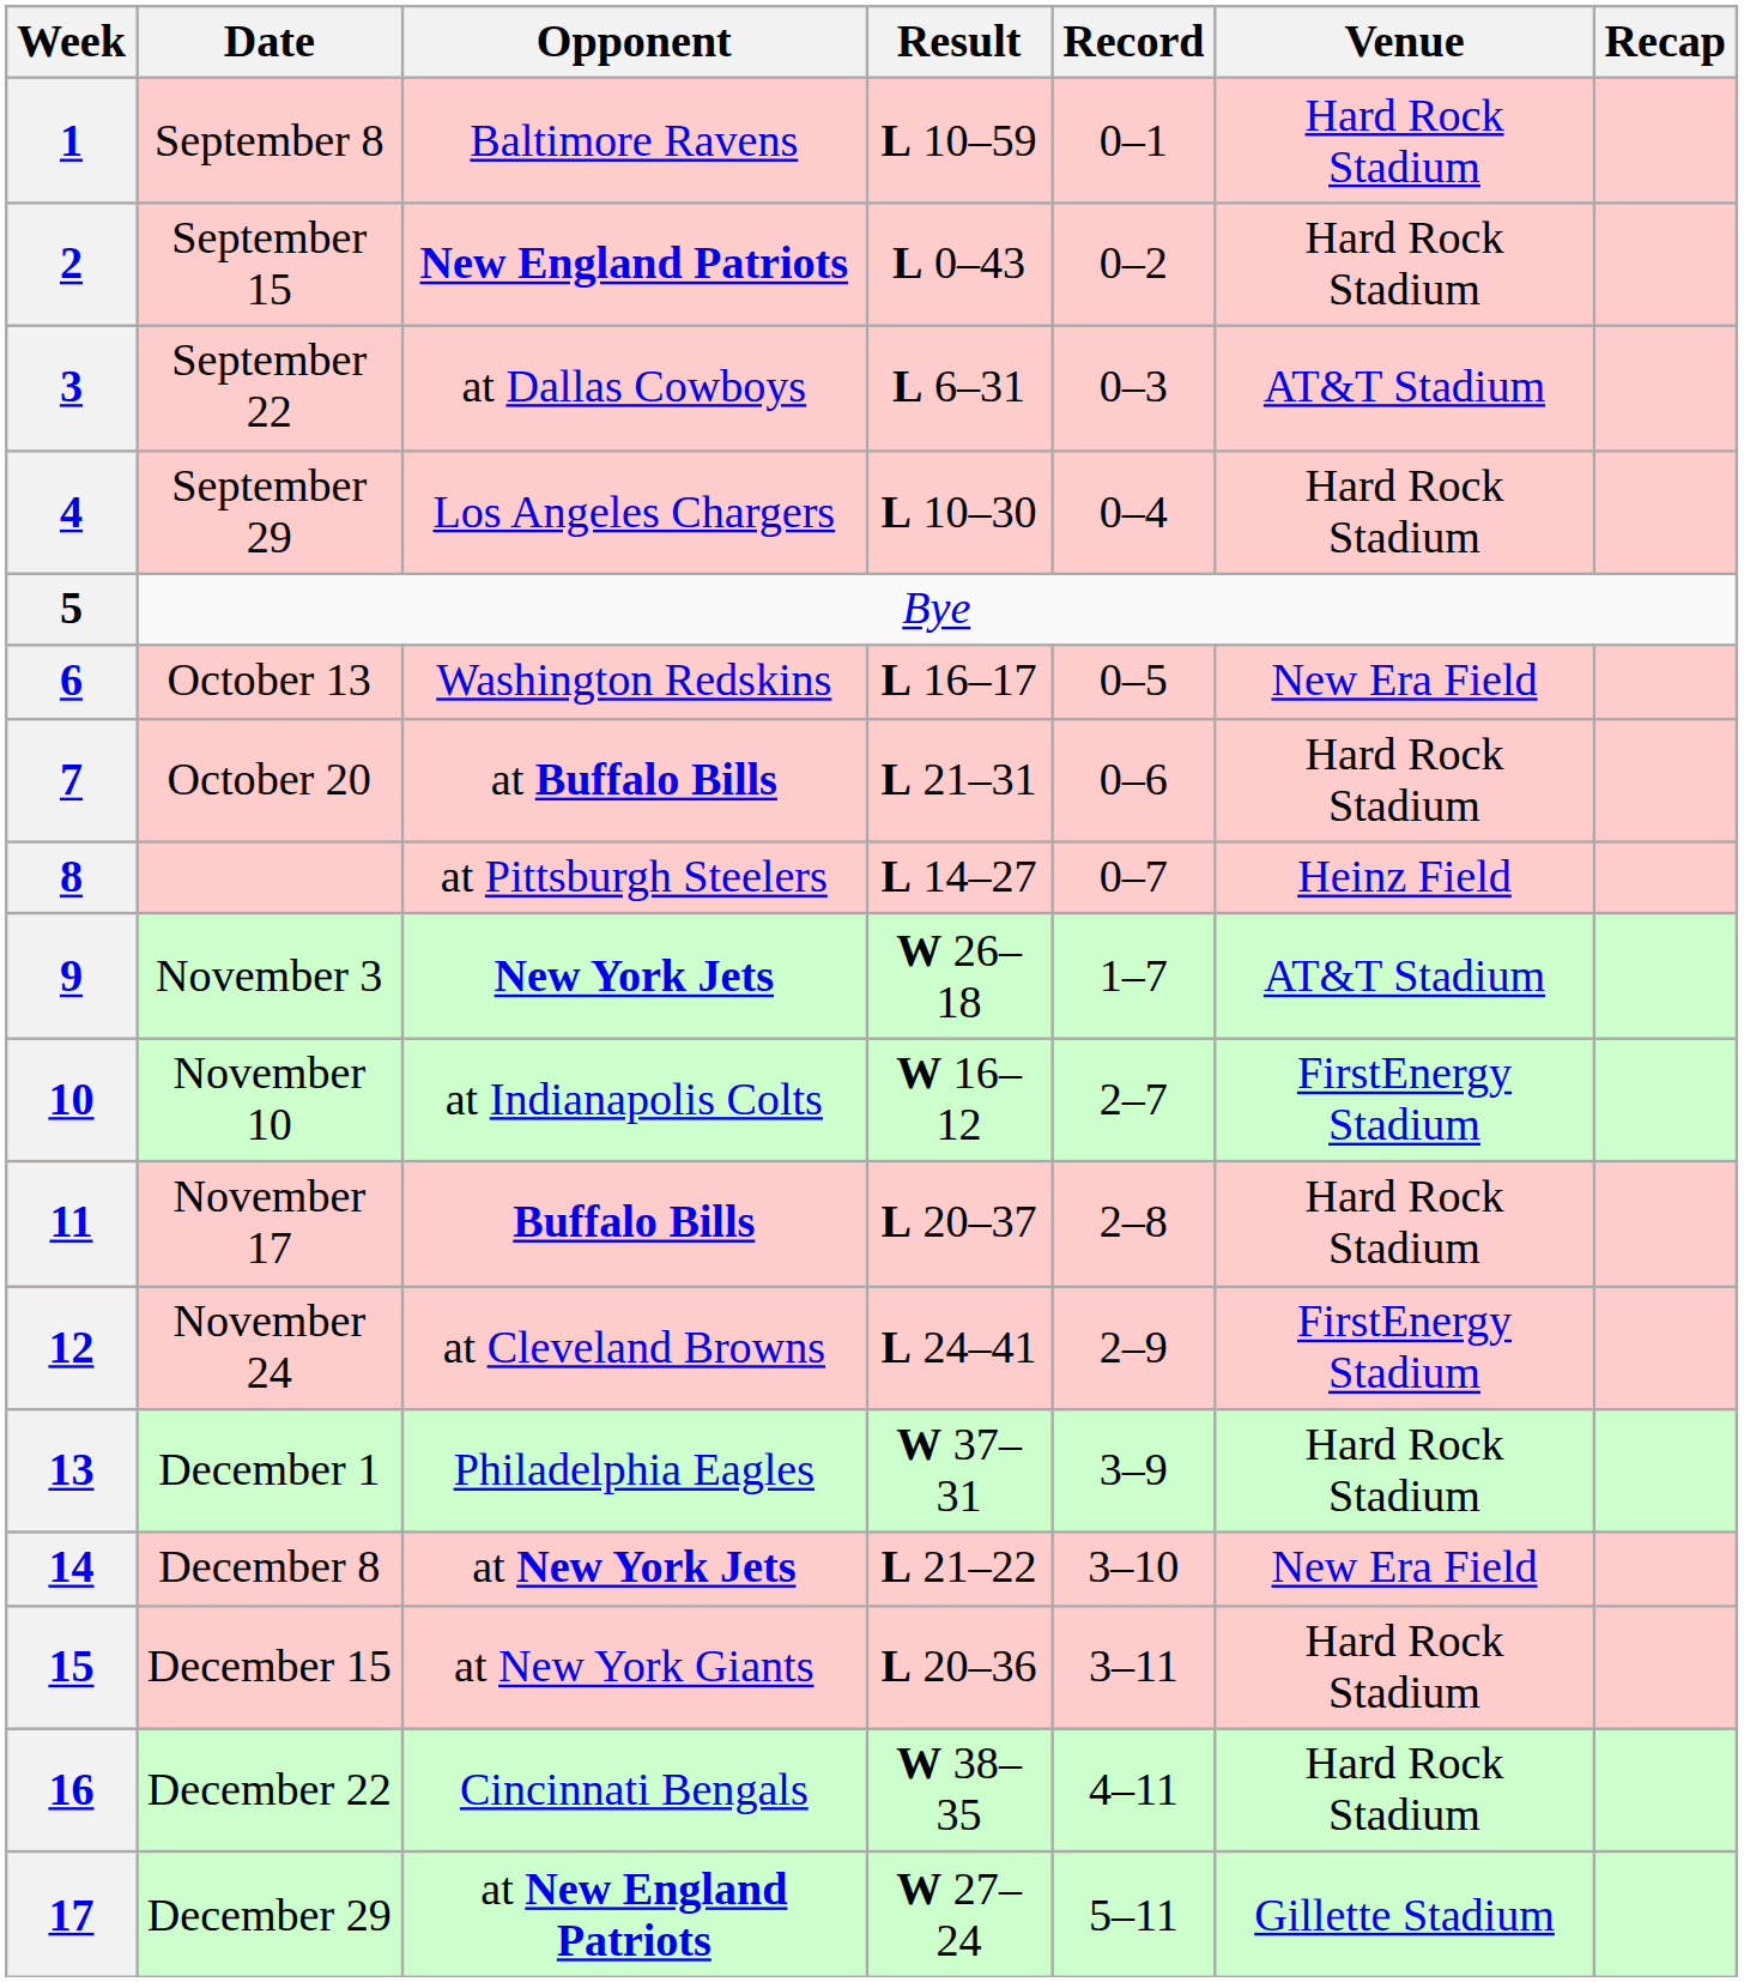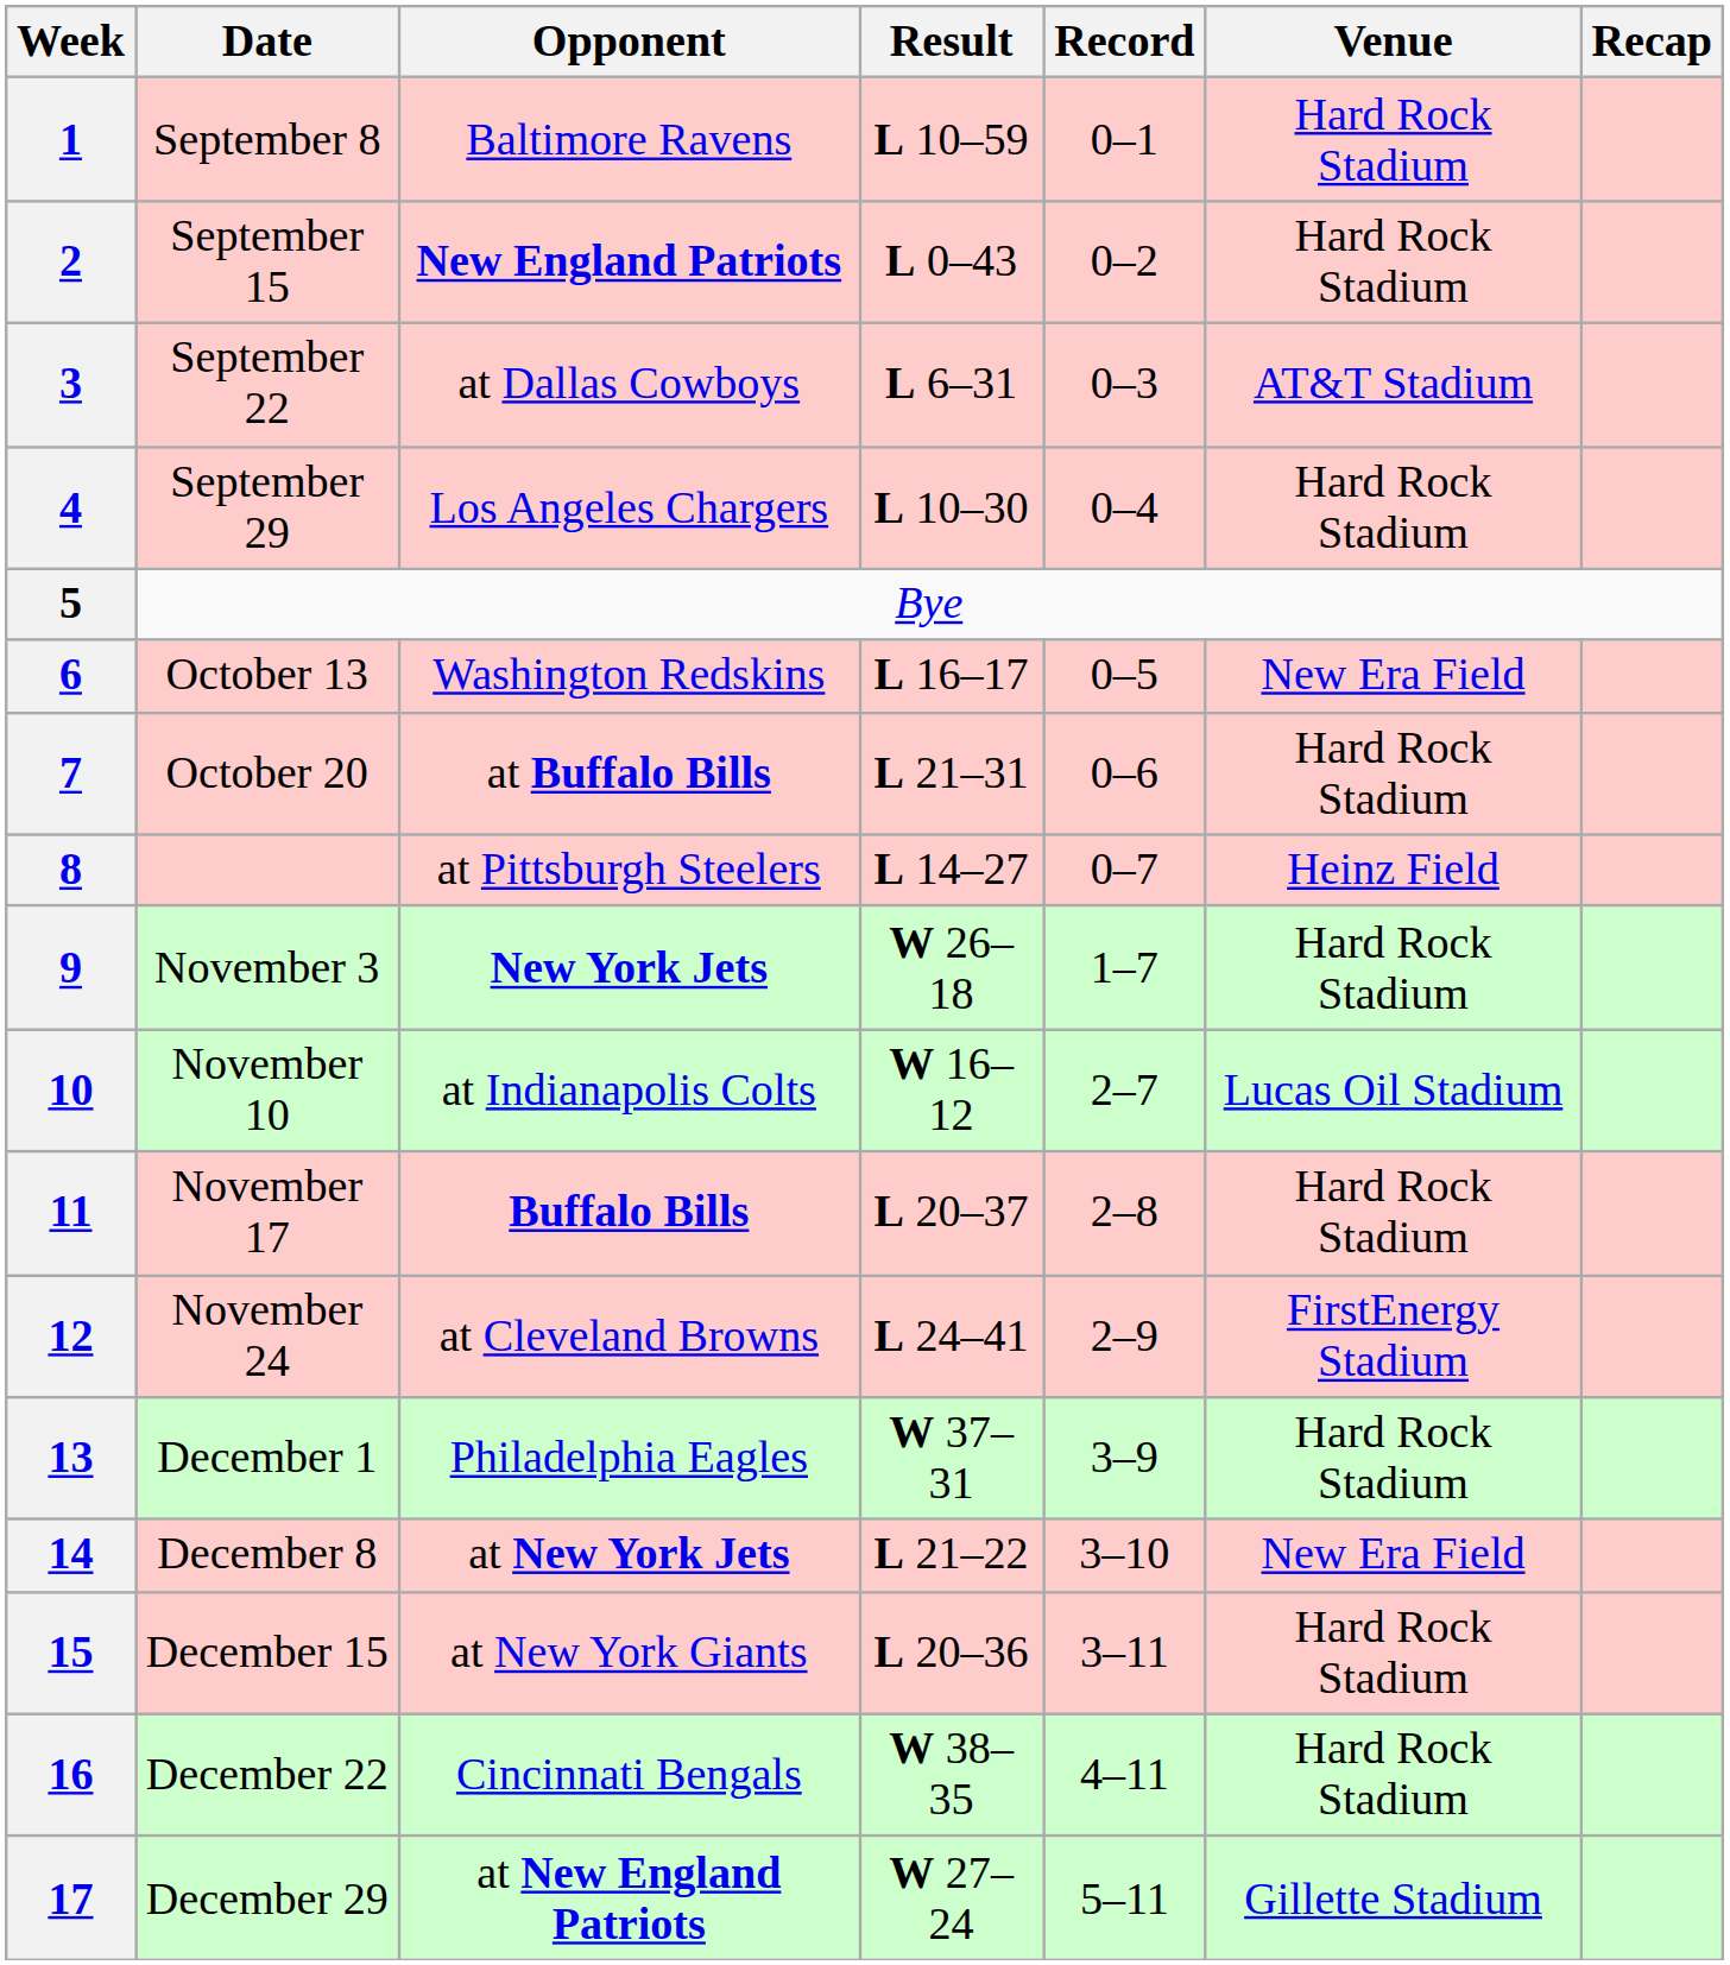 <table class="wikitable" style="text-align:center">
 <tr>
 <th>Week</th>
 <th>Date</th>
 <th>Opponent</th>
 <th>Result</th>
 <th>Record</th>
 <th>Venue</th>
 <th>Recap</th>
 </tr>
 <tr style="background:#fcc">
 <th><a href='#'>1</a></th>
 <td>September 8</td>
 <td><a href='#'>Baltimore Ravens</a></td>
 <td><strong>L</strong> 10–59</td>
 <td>0–1</td>
 <td><a href='#'>Hard Rock Stadium</a></td>
 <td></td>
 </tr>
 <tr style="background:#fcc">
 <th><a href='#'>2</a></th>
 <td>September 15</td>
 <td><strong><a href='#'>New England Patriots</a></strong></td>
 <td><strong>L</strong> 0–43</td>
 <td>0–2</td>
 <td>Hard Rock Stadium</td>
 <td></td>
 </tr>
 <tr style="background:#fcc">
 <th><a href='#'>3</a></th>
 <td>September 22</td>
 <td>at <a href='#'>Dallas Cowboys</a></td>
 <td><strong>L</strong> 6–31</td>
 <td>0–3</td>
 <td><a href='#'>AT&T Stadium</a></td>
 <td></td>
 </tr>
 <tr style="background:#fcc">
 <th><a href='#'>4</a></th>
 <td>September 29</td>
 <td><a href='#'>Los Angeles Chargers</a></td>
 <td><strong>L</strong> 10–30</td>
 <td>0–4</td>
 <td>Hard Rock Stadium</td>
 <td></td>
 </tr>
 <tr>
 <th>5</th>
 <td colspan="6"><em><a href='#'>Bye</a></em></td>
 </tr>
 <tr style="background:#fcc">
 <th><a href='#'>6</a></th>
 <td>October 13</td>
 <td><a href='#'>Washington Redskins</a></td>
 <td><strong>L</strong> 16–17</td>
 <td>0–5</td>
 <td><a href='#'>New Era Field</a></td>
 <td></td>
 </tr>
 <tr style="background:#fcc">
 <th><a href='#'>7</a></th>
 <td>October 20</td>
 <td>at <strong><a href='#'>Buffalo Bills</a></strong></td>
 <td><strong>L</strong> 21–31</td>
 <td>0–6</td>
 <td>Hard Rock Stadium</td>
 <td></td>
 </tr>
 <tr style="background:#fcc">
 <th><a href='#'>8</a></th>
 <td></td>
 <td>at <a href='#'>Pittsburgh Steelers</a></td>
 <td><strong>L</strong> 14–27</td>
 <td>0–7</td>
 <td><a href='#'>Heinz Field</a></td>
 <td></td>
 </tr>
 <tr style="background:#cfc">
 <th><a href='#'>9</a></th>
 <td>November 3</td>
 <td><strong><a href='#'>New York Jets</a></strong></td>
 <td><strong>W</strong> 26–18</td>
 <td>1–7</td>
-<td><a href='#'>AT&T Stadium</a></td>
+<td>Hard Rock Stadium</td>
 <td></td>
 </tr>
 <tr style="background:#cfc">
 <th><a href='#'>10</a></th>
 <td>November 10</td>
 <td>at <a href='#'>Indianapolis Colts</a></td>
 <td><strong>W</strong> 16–12</td>
 <td>2–7</td>
-<td><a href='#'>FirstEnergy Stadium</a></td>
+<td><a href='#'>Lucas Oil Stadium</a></td>
 <td></td>
 </tr>
 <tr style="background:#fcc">
 <th><a href='#'>11</a></th>
 <td>November 17</td>
 <td><strong><a href='#'>Buffalo Bills</a></strong></td>
 <td><strong>L</strong> 20–37</td>
 <td>2–8</td>
 <td>Hard Rock Stadium</td>
 <td></td>
 </tr>
 <tr style="background:#fcc">
 <th><a href='#'>12</a></th>
 <td>November 24</td>
 <td>at <a href='#'>Cleveland Browns</a></td>
 <td><strong>L</strong> 24–41</td>
 <td>2–9</td>
 <td><a href='#'>FirstEnergy Stadium</a></td>
 <td></td>
 </tr>
 <tr style="background:#cfc">
 <th><a href='#'>13</a></th>
 <td>December 1</td>
 <td><a href='#'>Philadelphia Eagles</a></td>
 <td><strong>W</strong> 37–31</td>
 <td>3–9</td>
 <td>Hard Rock Stadium</td>
 <td></td>
 </tr>
 <tr style="background:#fcc">
 <th><a href='#'>14</a></th>
 <td>December 8</td>
 <td>at <strong><a href='#'>New York Jets</a></strong></td>
 <td><strong>L</strong> 21–22</td>
 <td>3–10</td>
 <td><a href='#'>New Era Field</a></td>
 <td></td>
 </tr>
 <tr style="background:#fcc">
 <th><a href='#'>15</a></th>
 <td>December 15</td>
 <td>at <a href='#'>New York Giants</a></td>
 <td><strong>L</strong> 20–36</td>
 <td>3–11</td>
 <td>Hard Rock Stadium</td>
 <td></td>
 </tr>
 <tr style="background:#cfc">
 <th><a href='#'>16</a></th>
 <td>December 22</td>
 <td><a href='#'>Cincinnati Bengals</a></td>
 <td><strong>W</strong> 38–35 </td>
 <td>4–11</td>
 <td>Hard Rock Stadium</td>
 <td></td>
 </tr>
 <tr style="background:#cfc">
 <th><a href='#'>17</a></th>
 <td>December 29</td>
 <td>at <strong><a href='#'>New England Patriots</a></strong></td>
 <td><strong>W</strong> 27–24</td>
 <td>5–11</td>
 <td><a href='#'>Gillette Stadium</a></td>
 <td></td>
 </tr>
 </table>
